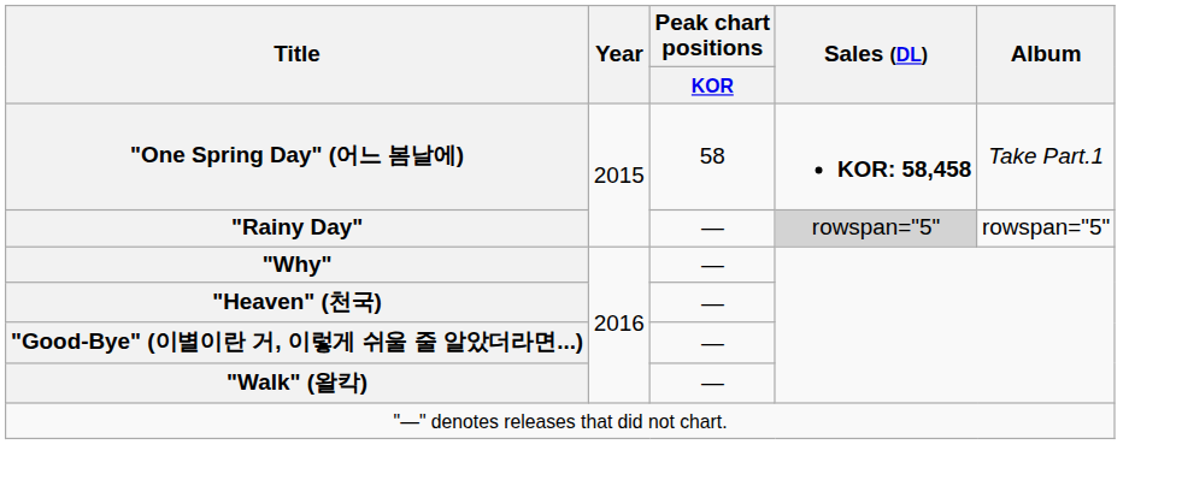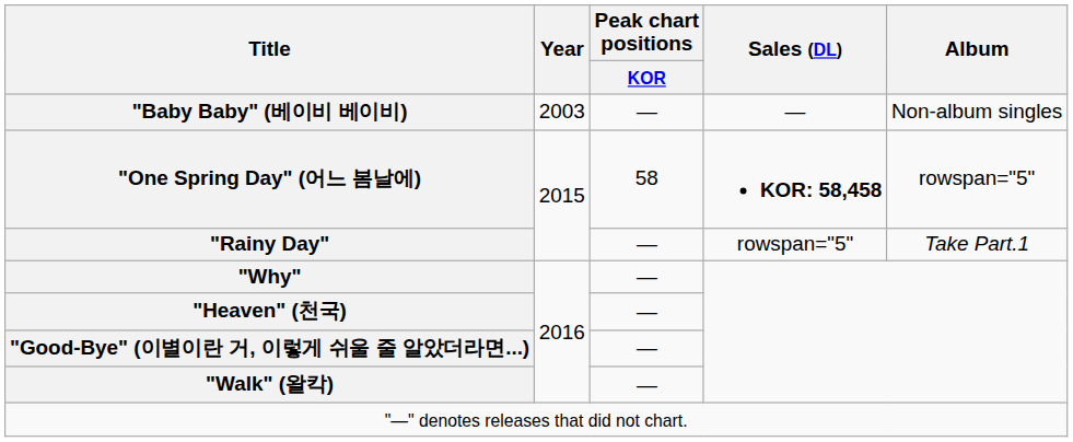 <table class="wikitable plainrowheaders" style="text-align:center;">
 <tr>
 <th rowspan="2" scope="col">Title</th>
 <th rowspan="2" scope="col">Year</th>
 <th colspan="1" scope="col">Peak chart <br> positions</th>
 <th rowspan="2" scope="col">Sales <small>(<a href='#'>DL</a>)</small></th>
 <th rowspan="2" scope="col">Album</th>
 </tr>
 <tr>
 <th><small><a href='#'>KOR</a></small><br></th>
 </tr>
 <tr>
+<th scope="row">"Baby Baby" (베이비 베이비)</th>
+<td>2003</td>
+<td>—</td>
+<td>—</td>
+<td>Non-album singles</td>
+</tr>
+<tr>
 <th scope="row">"One Spring Day" (어느 봄날에)</th>
 <td rowspan="2">2015</td>
 <td>58</td>
 <td><strong><br><ul><li>KOR: 58,458</li></ul></strong></td>
-<td><em>Take Part.1</em></td>
+<td>rowspan="5" </td>
 </tr>
 <tr>
 <th scope="row">"Rainy Day"</th>
 <td>—</td>
-<td style="background: lightgrey;">rowspan="5" </td>
 <td>rowspan="5" </td>
+<td><em>Take Part.1</em></td>
 </tr>
 <tr>
 <th scope="row">"Why"</th>
 <td rowspan="4">2016</td>
 <td>—</td>
 </tr>
 <tr>
 <th scope="row">"Heaven" (천국)</th>
 <td>—</td>
 </tr>
 <tr>
 <th scope="row">"Good-Bye" (이별이란 거, 이렇게 쉬울 줄 알았더라면...)</th>
 <td>—</td>
 </tr>
 <tr>
 <th scope="row">"Walk" (왈칵)</th>
 <td>—</td>
 </tr>
 <tr>
 <td colspan="5" align="center"><small>"—" denotes releases that did not chart.</small></td>
 </tr>
 </table>
